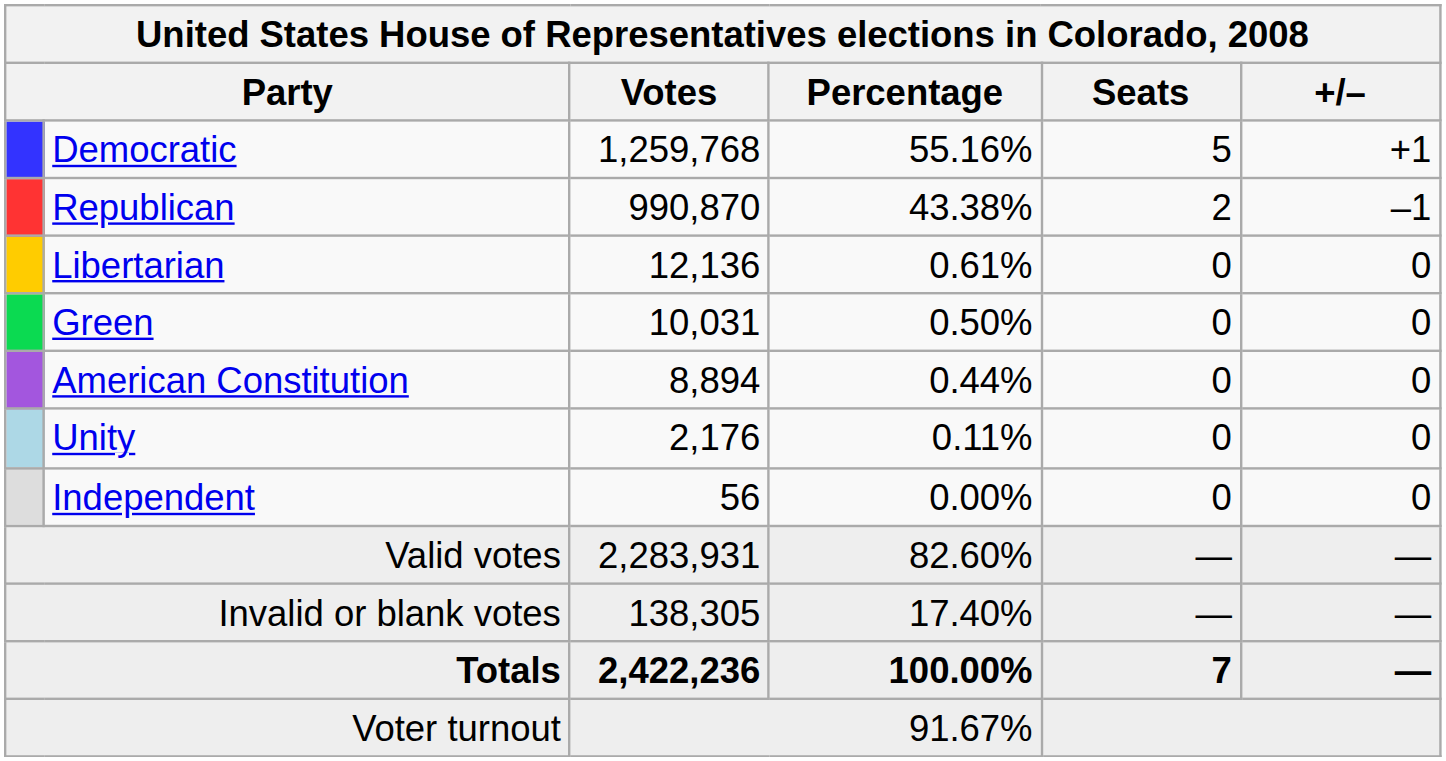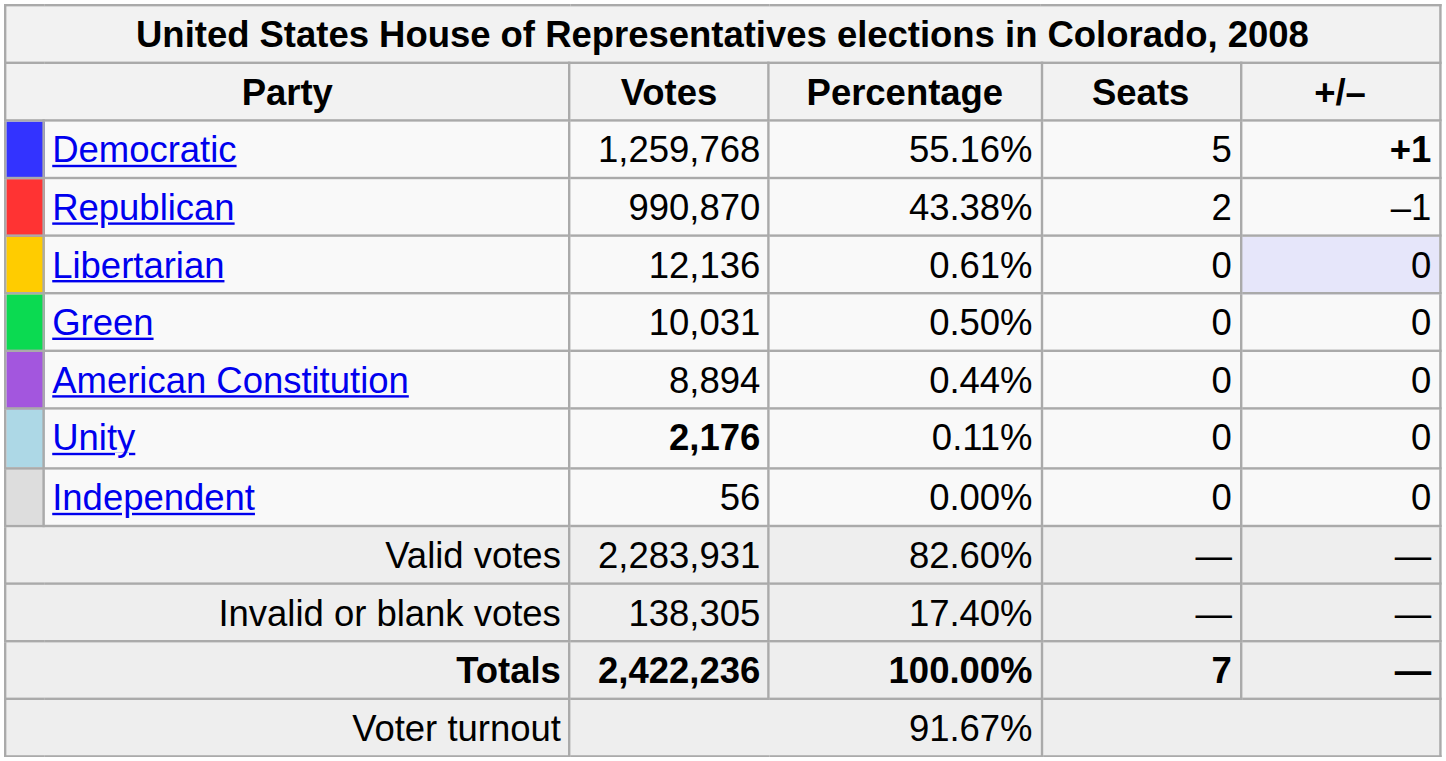 <table class="wikitable" style="font-size: 95%;">
 <tr>
 <th colspan="6">United States House of Representatives elections in Colorado, 2008</th>
 </tr>
 <tr>
 <th colspan=2 style="width: 15em">Party</th>
 <th style="width: 5em">Votes</th>
 <th style="width: 7em">Percentage</th>
 <th style="width: 5em">Seats</th>
 <th style="width: 5em">+/–</th>
 </tr>
 <tr>
 <th style="background-color:#3333FF; width: 3px"></th>
 <td style="width: 130px"><a href='#'>Democratic</a></td>
 <td align="right">1,259,768</td>
 <td align="right">55.16%</td>
 <td align="right">5</td>
-<td align="right">+1</td>
+<td align="right"><strong>+1</strong></td>
 </tr>
 <tr>
 <th style="background-color:#FF3333; width: 3px"></th>
 <td style="width: 130px"><a href='#'>Republican</a></td>
 <td align="right">990,870</td>
 <td align="right">43.38%</td>
 <td align="right">2</td>
 <td align="right">–1</td>
 </tr>
 <tr>
 <th style="background-color:#FFCC00; width: 3px"></th>
 <td style="width: 130px"><a href='#'>Libertarian</a></td>
 <td align="right">12,136</td>
 <td align="right">0.61%</td>
 <td align="right">0</td>
-<td align="right">0</td>
+<td align="right" style="background: lavender;">0</td>
 </tr>
 <tr>
 <th style="background-color:#0BDA51; width: 3px"></th>
 <td style="width: 130px"><a href='#'>Green</a></td>
 <td align="right">10,031</td>
 <td align="right">0.50%</td>
 <td align="right">0</td>
 <td align="right">0</td>
 </tr>
 <tr>
 <th style="background-color:#A356DE; width: 3px"></th>
 <td style="width: 130px"><a href='#'>American Constitution</a></td>
 <td align="right">8,894</td>
 <td align="right">0.44%</td>
 <td align="right">0</td>
 <td align="right">0</td>
 </tr>
 <tr>
 <th style="background-color:#ADD8E6; width: 3px"></th>
 <td style="width: 130px"><a href='#'>Unity</a></td>
-<td align="right">2,176</td>
+<td align="right"><strong>2,176</strong></td>
 <td align="right">0.11%</td>
 <td align="right">0</td>
 <td align="right">0</td>
 </tr>
 <tr>
 <th style="background-color:#DDDDDD; width: 3px"></th>
 <td style="width: 130px"><a href='#'>Independent</a></td>
 <td align="right">56</td>
 <td align="right">0.00%</td>
 <td align="right">0</td>
 <td align="right">0</td>
 </tr>
 <tr bgcolor="#EEEEEE">
 <td colspan="2" align="right">Valid votes</td>
 <td align="right">2,283,931</td>
 <td align="right">82.60%</td>
 <td align="right">—</td>
 <td align="right">—</td>
 </tr>
 <tr bgcolor="#EEEEEE">
 <td colspan="2" align="right">Invalid or blank votes</td>
 <td align="right">138,305</td>
 <td align="right">17.40%</td>
 <td align="right">—</td>
 <td align="right">—</td>
 </tr>
 <tr bgcolor="#EEEEEE">
 <td colspan="2" align="right"><strong>Totals</strong></td>
 <td align="right"><strong>2,422,236</strong></td>
 <td align="right"><strong>100.00%</strong></td>
 <td align="right"><strong>7</strong></td>
 <td align="right"><strong>—</strong></td>
 </tr>
 <tr bgcolor="#EEEEEE">
 <td colspan="2" align="right">Voter turnout</td>
 <td colspan="2" align="right">91.67%</td>
 <td colspan="2" align="right"></td>
 </tr>
 </table>
